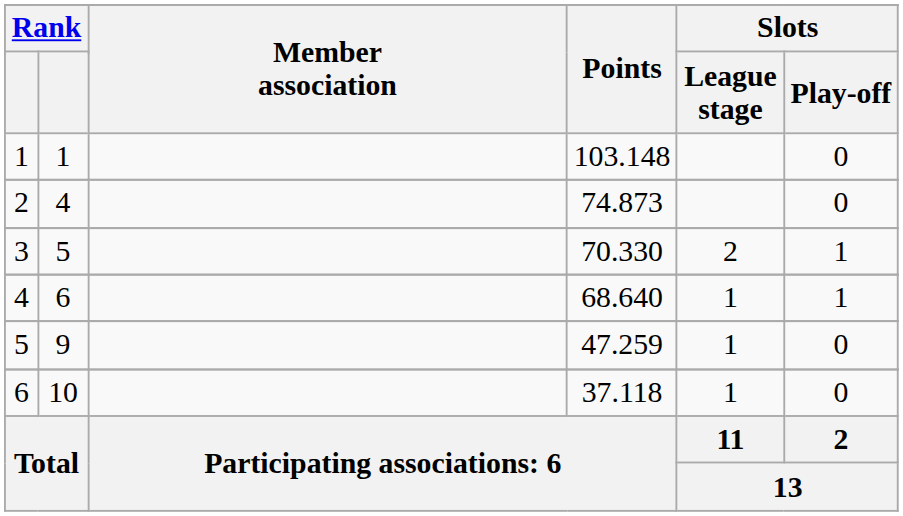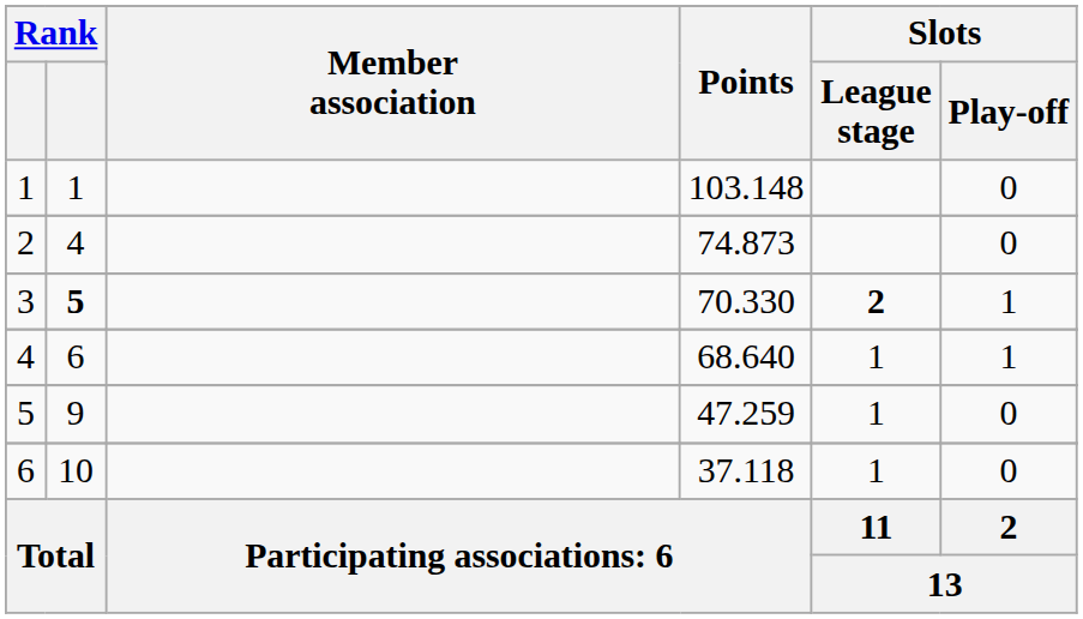 <table class="wikitable" style="text-align:center">
 <tr>
 </tr>
 <tr>
 <th colspan=2 rowspan=2><a href='#'>Rank</a></th>
 <th rowspan=3 width=250>Member<br>association</th>
 <th rowspan=3>Points</th>
 <th colspan=4>Slots</th>
 </tr>
 <tr>
 <th rowspan=2>League<br>stage</th>
 <th rowspan=2>Play-off</th>
 </tr>
 <tr>
 <th></th>
 <th></th>
 </tr>
 <tr bgcolor=>
 <td>1</td>
 <td>1</td>
 <td align=left></td>
 <td>103.148</td>
 <td></td>
 <td>0</td>
 </tr>
 <tr>
 </tr>
 <tr bgcolor=>
 <td>2</td>
 <td>4</td>
 <td align=left></td>
 <td>74.873</td>
 <td></td>
 <td>0</td>
 </tr>
 <tr>
 </tr>
 <tr bgcolor=>
 <td>3</td>
-<td>5</td>
+<td><strong>5</strong></td>
 <td align=left></td>
 <td>70.330</td>
-<td>2</td>
+<td><strong>2</strong></td>
 <td>1</td>
 </tr>
 <tr>
 </tr>
 <tr bgcolor=>
 <td>4</td>
 <td>6</td>
 <td align=left></td>
 <td>68.640</td>
 <td>1</td>
 <td>1</td>
 </tr>
 <tr>
 </tr>
 <tr bgcolor=>
 <td>5</td>
 <td>9</td>
 <td align=left></td>
 <td>47.259</td>
 <td>1</td>
 <td>0</td>
 </tr>
 <tr>
 </tr>
 <tr bgcolor=>
 <td>6</td>
 <td>10</td>
 <td align=left></td>
 <td>37.118</td>
 <td>1</td>
 <td>0</td>
 </tr>
 <tr>
 <th colspan=2 rowspan=2>Total</th>
 <th colspan=2 rowspan=2>Participating associations: 6</th>
 <th>11</th>
 <th>2</th>
 </tr>
 <tr>
 <th colspan=3>13</th>
 </tr>
 </table>
